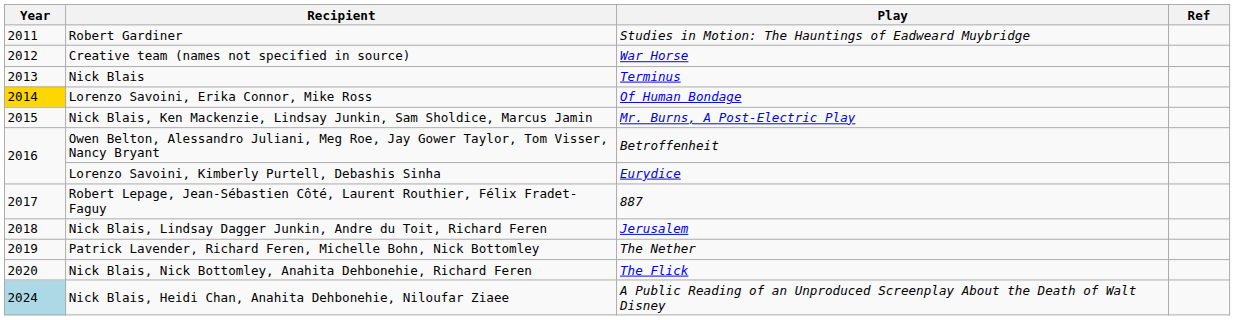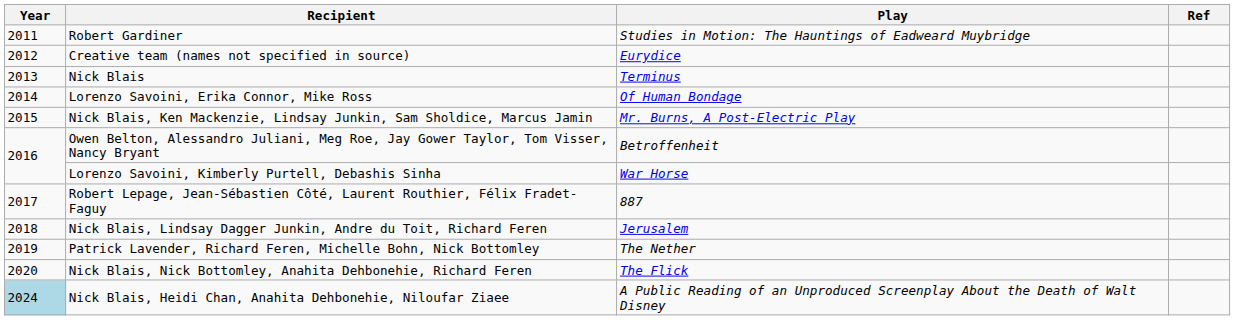 <table class = "wikitable sortable" width=100%>
 <tr>
 <th width=5%>Year</th>
 <th width=45%>Recipient</th>
 <th width=45%>Play</th>
 <th width=5%>Ref</th>
 </tr>
 <tr>
 <td>2011</td>
 <td>Robert Gardiner</td>
 <td><em>Studies in Motion: The Hauntings of Eadweard Muybridge</em></td>
 <td></td>
 </tr>
 <tr>
 <td>2012</td>
 <td>Creative team (names not specified in source)</td>
-<td><em><a href='#'>War Horse</a></em></td>
+<td><em><a href='#'>Eurydice</a></em></td>
 <td></td>
 </tr>
 <tr>
 <td>2013</td>
 <td>Nick Blais</td>
 <td><em><a href='#'>Terminus</a></em></td>
 <td></td>
 </tr>
 <tr>
-<td style="background: gold;">2014</td>
+<td>2014</td>
 <td>Lorenzo Savoini, Erika Connor, Mike Ross</td>
 <td><em><a href='#'>Of Human Bondage</a></em></td>
 <td></td>
 </tr>
 <tr>
 <td>2015</td>
 <td>Nick Blais, Ken Mackenzie, Lindsay Junkin, Sam Sholdice, Marcus Jamin</td>
 <td><em><a href='#'>Mr. Burns, A Post-Electric Play</a></em></td>
 <td></td>
 </tr>
 <tr>
 <td rowspan=2>2016</td>
 <td>Owen Belton, Alessandro Juliani, Meg Roe, Jay Gower Taylor, Tom Visser, Nancy Bryant</td>
 <td><em>Betroffenheit</em></td>
 <td></td>
 </tr>
 <tr>
 <td>Lorenzo Savoini, Kimberly Purtell, Debashis Sinha</td>
-<td><em><a href='#'>Eurydice</a></em></td>
+<td><em><a href='#'>War Horse</a></em></td>
 </tr>
 <tr>
 <td>2017</td>
 <td>Robert Lepage, Jean-Sébastien Côté, Laurent Routhier, Félix Fradet-Faguy</td>
 <td><em>887</em></td>
 <td></td>
 </tr>
 <tr>
 <td>2018</td>
 <td>Nick Blais, Lindsay Dagger Junkin, Andre du Toit, Richard Feren</td>
 <td><em><a href='#'>Jerusalem</a></em></td>
 <td></td>
 </tr>
 <tr>
 <td>2019</td>
 <td>Patrick Lavender, Richard Feren, Michelle Bohn, Nick Bottomley</td>
 <td><em>The Nether</em></td>
 <td></td>
 </tr>
 <tr>
 <td>2020</td>
 <td>Nick Blais, Nick Bottomley, Anahita Dehbonehie, Richard Feren</td>
 <td><em><a href='#'>The Flick</a></em></td>
 <td></td>
 </tr>
 <tr>
 <td style="background: lightblue;">2024</td>
 <td>Nick Blais, Heidi Chan, Anahita Dehbonehie, Niloufar Ziaee</td>
 <td><em>A Public Reading of an Unproduced Screenplay About the Death of Walt Disney</em></td>
 <td></td>
 </tr>
 </table>
